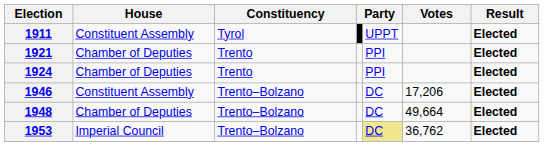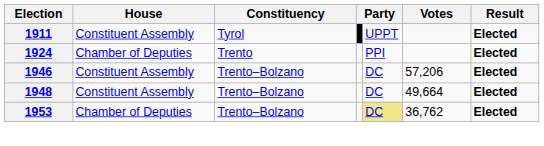 <table class=wikitable style="width:55%; border:1px #AAAAFF solid">
 <tr>
 <th width=12%>Election</th>
 <th width=25%>House</th>
 <th width=25%>Constituency</th>
 <th width=5% colspan="2">Party</th>
 <th width=12%>Votes</th>
 <th width=12%>Result</th>
 </tr>
 <tr>
 <th><a href='#'>1911</a></th>
 <td><a href='#'>Constituent Assembly</a></td>
 <td><a href='#'>Tyrol</a></td>
 <td bgcolor="black"></td>
 <td><a href='#'>UPPT</a></td>
 <td></td>
 <td> <strong>Elected</strong></td>
 </tr>
 <tr>
-<th><a href='#'>1921</a></th>
-<td><a href='#'>Chamber of Deputies</a></td>
-<td><a href='#'>Trento</a></td>
-<td></td>
-<td><a href='#'>PPI</a></td>
-<td></td>
-<td> <strong>Elected</strong></td>
-</tr>
-<tr>
 <th><a href='#'>1924</a></th>
 <td><a href='#'>Chamber of Deputies</a></td>
 <td><a href='#'>Trento</a></td>
 <td></td>
 <td><a href='#'>PPI</a></td>
 <td></td>
 <td> <strong>Elected</strong></td>
 </tr>
 <tr>
 <th><a href='#'>1946</a></th>
 <td><a href='#'>Constituent Assembly</a></td>
 <td><a href='#'>Trento–Bolzano</a></td>
 <td></td>
 <td><a href='#'>DC</a></td>
-<td>17,206</td>
+<td>57,206</td>
 <td> <strong>Elected</strong></td>
 </tr>
 <tr>
 <th><a href='#'>1948</a></th>
-<td><a href='#'>Chamber of Deputies</a></td>
+<td><a href='#'>Constituent Assembly</a></td>
 <td><a href='#'>Trento–Bolzano</a></td>
 <td></td>
 <td><a href='#'>DC</a></td>
 <td>49,664</td>
 <td> <strong>Elected</strong></td>
 </tr>
 <tr>
 <th><a href='#'>1953</a></th>
-<td><a href='#'>Imperial Council</a></td>
+<td><a href='#'>Chamber of Deputies</a></td>
 <td><a href='#'>Trento–Bolzano</a></td>
 <td></td>
 <td style="background: khaki;"><a href='#'>DC</a></td>
 <td>36,762</td>
 <td> <strong>Elected</strong></td>
 </tr>
 </table>
